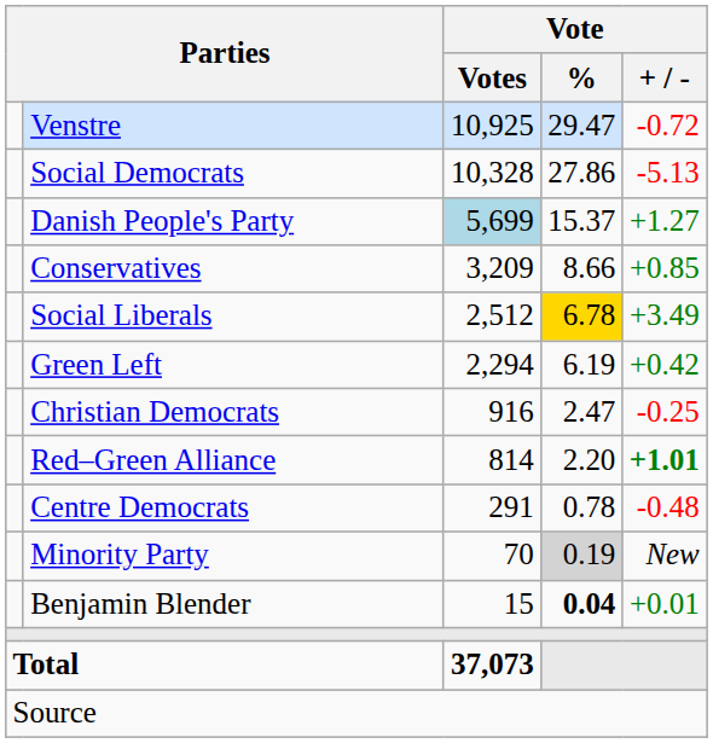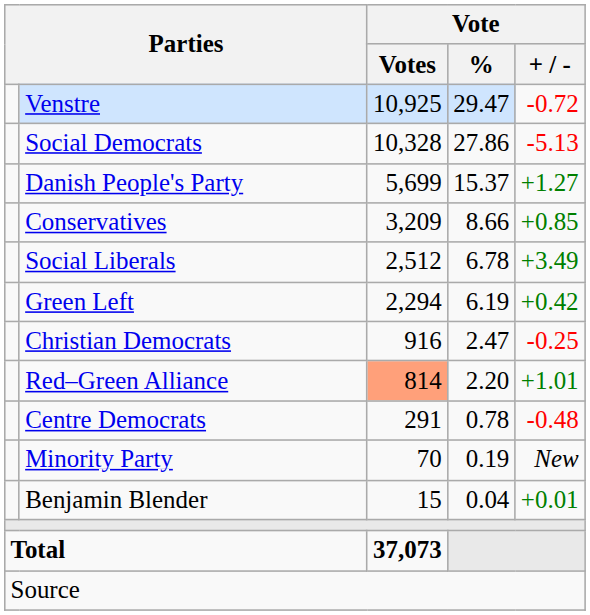 <table class="wikitable" style="text-align:right;">
 <tr>
 <th style="text-align:centre;" rowspan="2" colspan="2" width="225">Parties</th>
 <th colspan="3">Vote</th>
 </tr>
 <tr>
 <th width="15">Votes</th>
 <th width="15">%</th>
 <th width="15">+ / -</th>
 </tr>
 <tr>
 <td width="2" style="color:inherit;background:"></td>
 <td bgcolor=#cfe5fe  align="left"><a href='#'>Venstre</a></td>
 <td bgcolor=#cfe5fe>10,925</td>
 <td bgcolor=#cfe5fe>29.47</td>
 <td style=color:red;>-0.72</td>
 </tr>
 <tr>
 <td width="2" style="color:inherit;background:"></td>
 <td align="left"><a href='#'>Social Democrats</a></td>
 <td>10,328</td>
 <td>27.86</td>
 <td style=color:red;>-5.13</td>
 </tr>
 <tr>
 <td width="2" style="color:inherit;background:"></td>
 <td align="left"><a href='#'>Danish People's Party</a></td>
-<td style="background: lightblue;">5,699</td>
+<td>5,699</td>
 <td>15.37</td>
 <td style=color:green;>+1.27</td>
 </tr>
 <tr>
 <td width="2" style="color:inherit;background:"></td>
 <td align="left"><a href='#'>Conservatives</a></td>
 <td>3,209</td>
 <td>8.66</td>
 <td style=color:green;>+0.85</td>
 </tr>
 <tr>
 <td width="2" style="color:inherit;background:"></td>
 <td align="left"><a href='#'>Social Liberals</a></td>
 <td>2,512</td>
-<td style="background: gold;">6.78</td>
+<td>6.78</td>
 <td style=color:green;>+3.49</td>
 </tr>
 <tr>
 <td width="2" style="color:inherit;background:"></td>
 <td align="left"><a href='#'>Green Left</a></td>
 <td>2,294</td>
 <td>6.19</td>
 <td style=color:green;>+0.42</td>
 </tr>
 <tr>
 <td width="2" style="color:inherit;background:"></td>
 <td align="left"><a href='#'>Christian Democrats</a></td>
 <td>916</td>
 <td>2.47</td>
 <td style=color:red;>-0.25</td>
 </tr>
 <tr>
 <td width="2" style="color:inherit;background:"></td>
 <td align="left"><a href='#'>Red–Green Alliance</a></td>
-<td>814</td>
+<td style="background: lightsalmon;">814</td>
 <td>2.20</td>
-<td style=color:green;><strong>+1.01</strong></td>
+<td style=color:green;>+1.01</td>
 </tr>
 <tr>
 <td width="2" style="color:inherit;background:"></td>
 <td align="left"><a href='#'>Centre Democrats</a></td>
 <td>291</td>
 <td>0.78</td>
 <td style=color:red;>-0.48</td>
 </tr>
 <tr>
 <td width="2" style="color:inherit;background:"></td>
 <td align="left"><a href='#'>Minority Party</a></td>
 <td>70</td>
-<td style="background: lightgrey;">0.19</td>
+<td>0.19</td>
 <td><em>New</em></td>
 </tr>
 <tr>
 <td width="2" style="color:inherit;background:"></td>
 <td align="left">Benjamin Blender</td>
 <td>15</td>
-<td><strong>0.04</strong></td>
+<td>0.04</td>
 <td style=color:green;>+0.01</td>
 </tr>
 <tr>
 <td colspan="7" bgcolor="#E9E9E9"></td>
 </tr>
 <tr>
 <td align="left" colspan="2"><strong>Total</strong></td>
 <td><strong>37,073</strong></td>
 <td bgcolor="#E9E9E9" colspan="2"></td>
 </tr>
 <tr>
 <td align="left" colspan="6">Source</td>
 </tr>
 </table>
